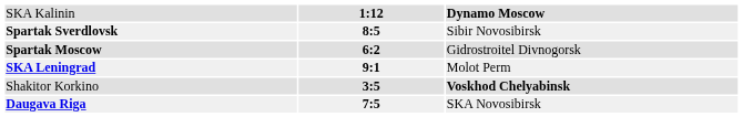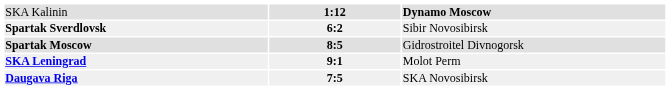 <table width="70%">
 <tr bgcolor="#e0e0e0">
 <td style="width:40%;">SKA Kalinin</td>
 <th style="width:20%;"><strong>1:12</strong></th>
 <td style="width:40%;"><strong>Dynamo Moscow</strong></td>
 </tr>
 <tr bgcolor="#f0f0f0">
 <td><strong>Spartak Sverdlovsk</strong></td>
-<th><strong>8:5</strong></th>
+<th><strong>6:2</strong></th>
 <td>Sibir Novosibirsk</td>
 </tr>
 <tr bgcolor="#e0e0e0">
 <td><strong>Spartak Moscow</strong></td>
-<th><strong>6:2</strong></th>
+<th><strong>8:5</strong></th>
 <td>Gidrostroitel Divnogorsk</td>
 </tr>
 <tr bgcolor="#f0f0f0">
 <td><strong><a href='#'>SKA Leningrad</a></strong></td>
 <td align="center"><strong>9:1</strong></td>
 <td>Molot Perm</td>
 </tr>
-<tr bgcolor="#e0e0e0">
-<td>Shakitor Korkino</td>
-<th><strong>3:5</strong></th>
-<td><strong>Voskhod Chelyabinsk</strong></td>
-</tr>
 <tr bgcolor="#f0f0f0">
 <td><strong><a href='#'>Daugava Riga</a></strong></td>
 <td align="center"><strong>7:5</strong></td>
 <td>SKA Novosibirsk</td>
 </tr>
 </table>
